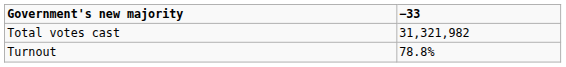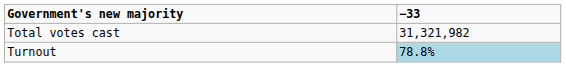 <table class="wikitable" style="width:70%">
 <tr>
 <td><strong>Government's new majority</strong></td>
 <td><strong>−33</strong></td>
 </tr>
 <tr>
 <td>Total votes cast</td>
 <td>31,321,982</td>
 </tr>
 <tr>
 <td>Turnout</td>
-<td>78.8%</td>
+<td style="background: lightblue;">78.8%</td>
 </tr>
 </table>
